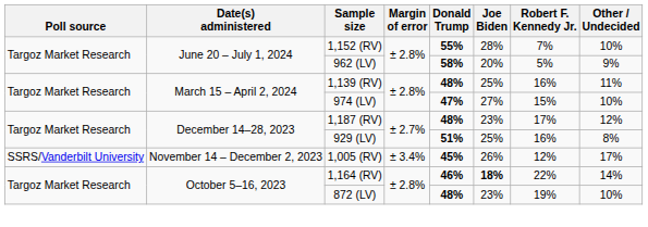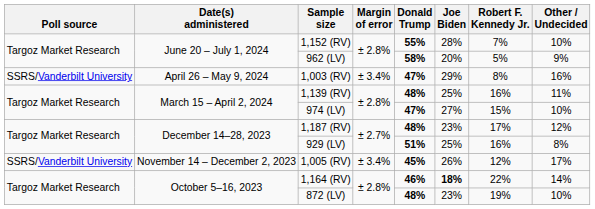 <table class="wikitable sortable mw-datatable" style="font-size:90%;text-align:center;line-height:17px">
 <tr valign=bottom>
 <th>Poll source</th>
 <th>Date(s)<br>administered</th>
 <th>Sample<br>size</th>
 <th>Margin<br>of error</th>
 <th class="unsortable">Donald<br>Trump<br></th>
 <th class="unsortable">Joe<br>Biden<br></th>
 <th class="unsortable">Robert F.<br>Kennedy Jr.<br></th>
 <th class="unsortable">Other /<br>Undecided</th>
 </tr>
 <tr>
 <td style="text-align:left;" rowspan="2">Targoz Market Research</td>
 <td rowspan="2">June 20 – July 1, 2024</td>
 <td>1,152 (RV)</td>
 <td rowspan="2">± 2.8%</td>
 <td style="background-color:"><strong>55%</strong></td>
 <td>28%</td>
 <td>7%</td>
 <td>10%</td>
 </tr>
 <tr>
 <td>962 (LV)</td>
 <td style="background-color:"><strong>58%</strong></td>
 <td>20%</td>
 <td>5%</td>
 <td>9%</td>
+</tr>
+<tr>
+<td style="text-align:left;">SSRS/<a href='#'>Vanderbilt University</a></td>
+<td>April 26 – May 9, 2024</td>
+<td>1,003 (RV)</td>
+<td>± 3.4%</td>
+<td style="background-color:"><strong>47%</strong></td>
+<td>29%</td>
+<td>8%</td>
+<td>16%</td>
 </tr>
 <tr>
 <td style="text-align:left;" rowspan="2">Targoz Market Research</td>
 <td rowspan="2">March 15 – April 2, 2024</td>
 <td>1,139 (RV)</td>
 <td rowspan="2">± 2.8%</td>
 <td style="background-color:"><strong>48%</strong></td>
 <td>25%</td>
 <td>16%</td>
 <td>11%</td>
 </tr>
 <tr>
 <td>974 (LV)</td>
 <td style="background-color:"><strong>47%</strong></td>
 <td>27%</td>
 <td>15%</td>
 <td>10%</td>
 </tr>
 <tr>
 <td style="text-align:left;" rowspan="2">Targoz Market Research</td>
 <td rowspan="2">December 14–28, 2023</td>
 <td>1,187 (RV)</td>
 <td rowspan="2">± 2.7%</td>
 <td style="background-color:"><strong>48%</strong></td>
 <td>23%</td>
 <td>17%</td>
 <td>12%</td>
 </tr>
 <tr>
 <td>929 (LV)</td>
 <td style="background-color:"><strong>51%</strong></td>
 <td>25%</td>
 <td>16%</td>
 <td>8%</td>
 </tr>
 <tr>
 <td style="text-align:left;">SSRS/<a href='#'>Vanderbilt University</a></td>
 <td>November 14 – December 2, 2023</td>
 <td>1,005 (RV)</td>
 <td>± 3.4%</td>
 <td style="background-color:"><strong>45%</strong></td>
 <td>26%</td>
 <td>12%</td>
 <td>17%</td>
 </tr>
 <tr>
 <td style="text-align:left;" rowspan="2">Targoz Market Research</td>
 <td rowspan="2">October 5–16, 2023</td>
 <td>1,164 (RV)</td>
 <td rowspan="2">± 2.8%</td>
 <td style="background-color:"><strong>46%</strong></td>
 <td><strong>18%</strong></td>
 <td>22%</td>
 <td>14%</td>
 </tr>
 <tr>
 <td>872 (LV)</td>
 <td style="background-color:"><strong>48%</strong></td>
 <td>23%</td>
 <td>19%</td>
 <td>10%</td>
 </tr>
 </table>
